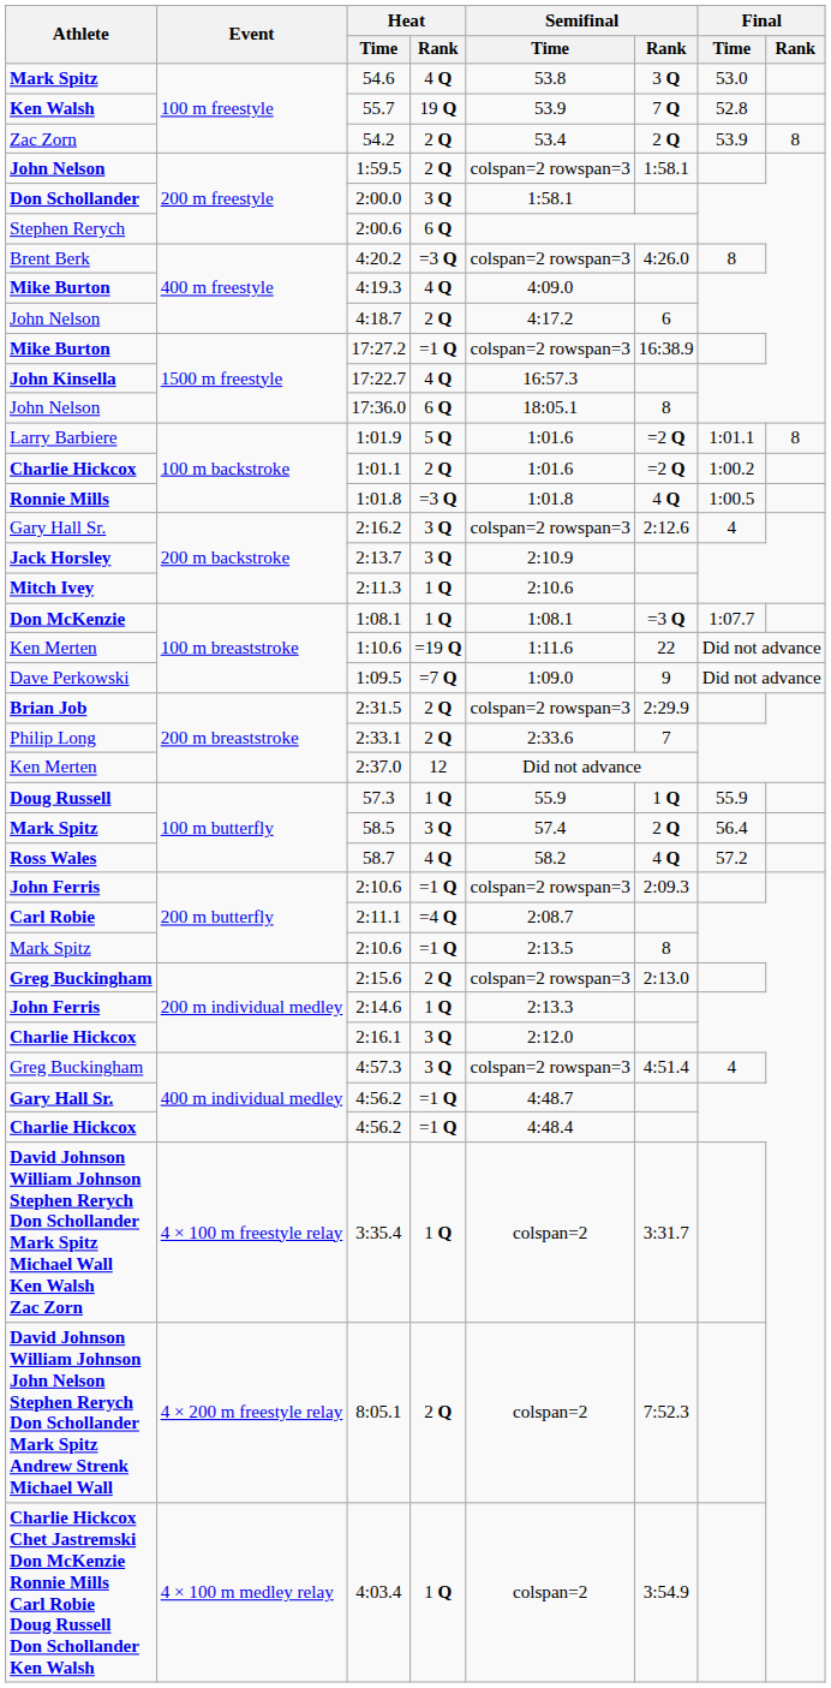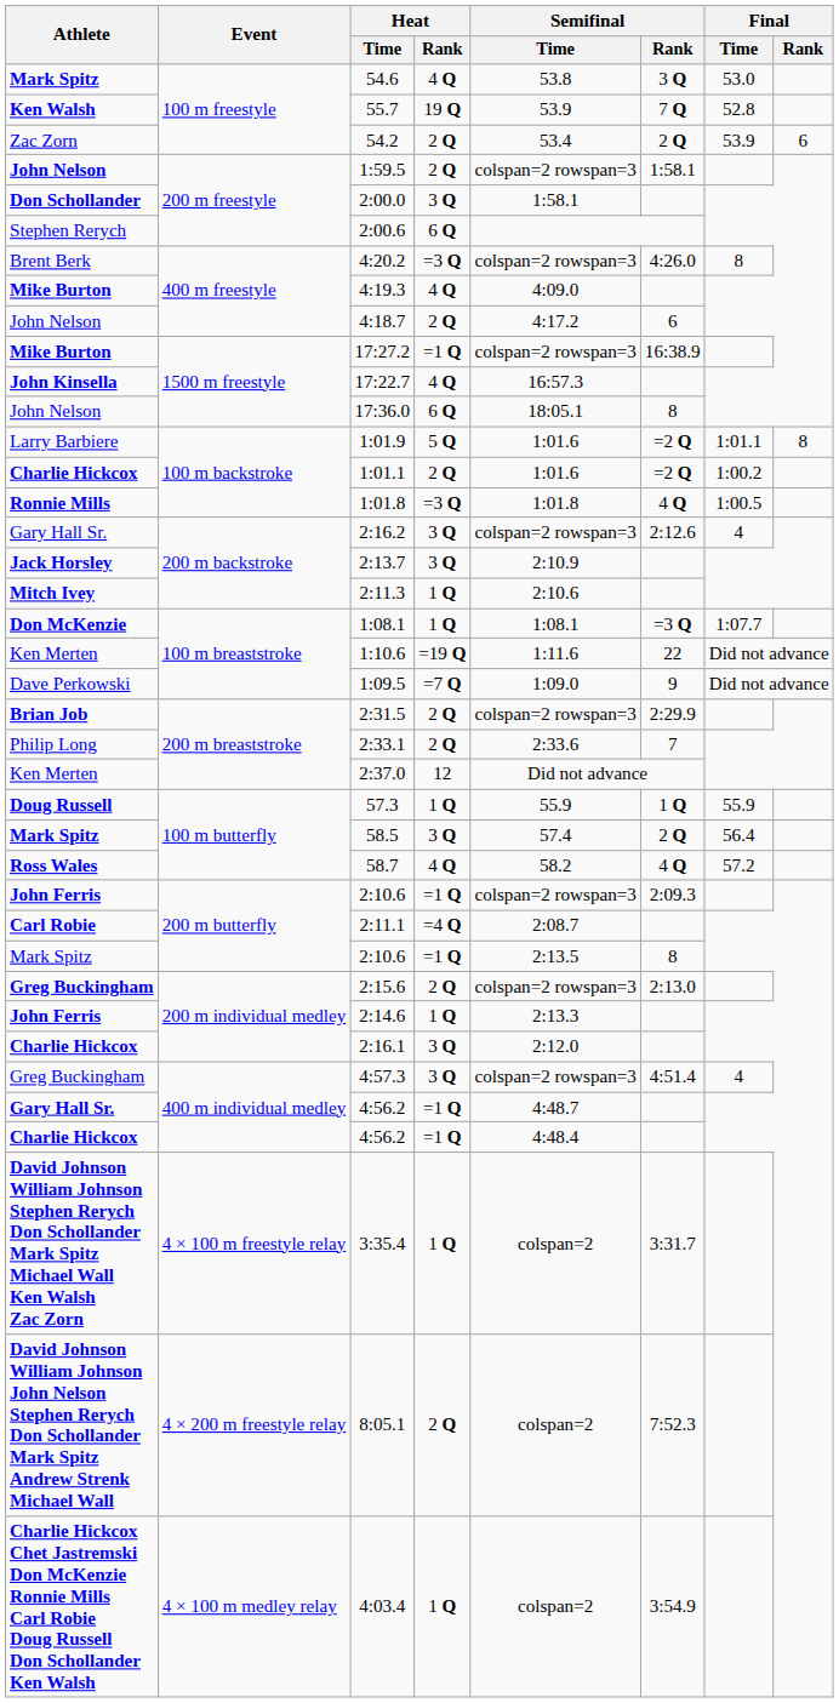 <table class=wikitable style=font-size:90%;text-align:center>
 <tr>
 <th rowspan=2>Athlete</th>
 <th rowspan=2>Event</th>
 <th colspan=2>Heat</th>
 <th colspan=2>Semifinal</th>
 <th colspan=2>Final</th>
 </tr>
 <tr style=font-size:95%>
 <th>Time</th>
 <th>Rank</th>
 <th>Time</th>
 <th>Rank</th>
 <th>Time</th>
 <th>Rank</th>
 </tr>
 <tr>
 <td align=left><strong><a href='#'>Mark Spitz</a></strong></td>
 <td align=left rowspan=3><a href='#'>100 m freestyle</a></td>
 <td>54.6</td>
 <td>4 <strong>Q</strong></td>
 <td>53.8</td>
 <td>3 <strong>Q</strong></td>
 <td>53.0</td>
 <td></td>
 </tr>
 <tr>
 <td align=left><strong><a href='#'>Ken Walsh</a></strong></td>
 <td>55.7</td>
 <td>19 <strong>Q</strong></td>
 <td>53.9</td>
 <td>7 <strong>Q</strong></td>
 <td>52.8</td>
 <td></td>
 </tr>
 <tr>
 <td align=left><a href='#'>Zac Zorn</a></td>
 <td>54.2</td>
 <td>2 <strong>Q</strong></td>
 <td>53.4</td>
 <td>2 <strong>Q</strong></td>
 <td>53.9</td>
-<td>8</td>
+<td>6</td>
 </tr>
 <tr>
 <td align=left><strong><a href='#'>John Nelson</a></strong></td>
 <td align=left rowspan=3><a href='#'>200 m freestyle</a></td>
 <td>1:59.5 </td>
 <td>2 <strong>Q</strong></td>
 <td>colspan=2 rowspan=3 </td>
 <td>1:58.1</td>
 <td></td>
 </tr>
 <tr>
 <td align=left><strong><a href='#'>Don Schollander</a></strong></td>
 <td>2:00.0</td>
 <td>3 <strong>Q</strong></td>
 <td>1:58.1</td>
 <td></td>
 </tr>
 <tr>
 <td align=left><a href='#'>Stephen Rerych</a></td>
 <td>2:00.6</td>
 <td>6 <strong>Q</strong></td>
 <td colspan=2></td>
 </tr>
 <tr>
 <td align=left><a href='#'>Brent Berk</a></td>
 <td align=left rowspan=3><a href='#'>400 m freestyle</a></td>
 <td>4:20.2</td>
 <td>=3 <strong>Q</strong></td>
 <td>colspan=2 rowspan=3 </td>
 <td>4:26.0</td>
 <td>8</td>
 </tr>
 <tr>
 <td align=left><strong><a href='#'>Mike Burton</a></strong></td>
 <td>4:19.3</td>
 <td>4 <strong>Q</strong></td>
 <td>4:09.0 </td>
 <td></td>
 </tr>
 <tr>
 <td align=left><a href='#'>John Nelson</a></td>
 <td>4:18.7</td>
 <td>2 <strong>Q</strong></td>
 <td>4:17.2</td>
 <td>6</td>
 </tr>
 <tr>
 <td align=left><strong><a href='#'>Mike Burton</a></strong></td>
 <td align=left rowspan=3><a href='#'>1500 m freestyle</a></td>
 <td>17:27.2</td>
 <td>=1 <strong>Q</strong></td>
 <td>colspan=2 rowspan=3 </td>
 <td>16:38.9 </td>
 <td></td>
 </tr>
 <tr>
 <td align=left><strong><a href='#'>John Kinsella</a></strong></td>
 <td>17:22.7</td>
 <td>4 <strong>Q</strong></td>
 <td>16:57.3</td>
 <td></td>
 </tr>
 <tr>
 <td align=left><a href='#'>John Nelson</a></td>
 <td>17:36.0</td>
 <td>6 <strong>Q</strong></td>
 <td>18:05.1</td>
 <td>8</td>
 </tr>
 <tr>
 <td align=left><a href='#'>Larry Barbiere</a></td>
 <td align=left rowspan=3><a href='#'>100 m backstroke</a></td>
 <td>1:01.9</td>
 <td>5 <strong>Q</strong></td>
 <td>1:01.6</td>
 <td>=2 <strong>Q</strong></td>
 <td>1:01.1</td>
 <td>8</td>
 </tr>
 <tr>
 <td align=left><strong><a href='#'>Charlie Hickcox</a></strong></td>
 <td>1:01.1</td>
 <td>2 <strong>Q</strong></td>
 <td>1:01.6</td>
 <td>=2 <strong>Q</strong></td>
 <td>1:00.2</td>
 <td></td>
 </tr>
 <tr>
 <td align=left><strong><a href='#'>Ronnie Mills</a></strong></td>
 <td>1:01.8</td>
 <td>=3 <strong>Q</strong></td>
 <td>1:01.8</td>
 <td>4 <strong>Q</strong></td>
 <td>1:00.5</td>
 <td></td>
 </tr>
 <tr>
 <td align=left><a href='#'>Gary Hall Sr.</a></td>
 <td align=left rowspan=3><a href='#'>200 m backstroke</a></td>
 <td>2:16.2</td>
 <td>3 <strong>Q</strong></td>
 <td>colspan=2 rowspan=3 </td>
 <td>2:12.6</td>
 <td>4</td>
 </tr>
 <tr>
 <td align=left><strong><a href='#'>Jack Horsley</a></strong></td>
 <td>2:13.7</td>
 <td>3 <strong>Q</strong></td>
 <td>2:10.9</td>
 <td></td>
 </tr>
 <tr>
 <td align=left><strong><a href='#'>Mitch Ivey</a></strong></td>
 <td>2:11.3</td>
 <td>1 <strong>Q</strong></td>
 <td>2:10.6</td>
 <td></td>
 </tr>
 <tr>
 <td align=left><strong><a href='#'>Don McKenzie</a></strong></td>
 <td align=left rowspan=3><a href='#'>100 m breaststroke</a></td>
 <td>1:08.1</td>
 <td>1 <strong>Q</strong></td>
 <td>1:08.1</td>
 <td>=3 <strong>Q</strong></td>
 <td>1:07.7 </td>
 <td></td>
 </tr>
 <tr>
 <td align=left><a href='#'>Ken Merten</a></td>
 <td>1:10.6</td>
 <td>=19 <strong>Q</strong></td>
 <td>1:11.6</td>
 <td>22</td>
 <td colspan=2>Did not advance</td>
 </tr>
 <tr>
 <td align=left><a href='#'>Dave Perkowski</a></td>
 <td>1:09.5</td>
 <td>=7 <strong>Q</strong></td>
 <td>1:09.0</td>
 <td>9</td>
 <td colspan=2>Did not advance</td>
 </tr>
 <tr>
 <td align=left><strong><a href='#'>Brian Job</a></strong></td>
 <td align=left rowspan=3><a href='#'>200 m breaststroke</a></td>
 <td>2:31.5</td>
 <td>2 <strong>Q</strong></td>
 <td>colspan=2 rowspan=3 </td>
 <td>2:29.9</td>
 <td></td>
 </tr>
 <tr>
 <td align=left><a href='#'>Philip Long</a></td>
 <td>2:33.1</td>
 <td>2 <strong>Q</strong></td>
 <td>2:33.6</td>
 <td>7</td>
 </tr>
 <tr>
 <td align=left><a href='#'>Ken Merten</a></td>
 <td>2:37.0</td>
 <td>12</td>
 <td colspan=2>Did not advance</td>
 </tr>
 <tr>
 <td align=left><strong><a href='#'>Doug Russell</a></strong></td>
 <td align=left rowspan=3><a href='#'>100 m butterfly</a></td>
 <td>57.3 </td>
 <td>1 <strong>Q</strong></td>
 <td>55.9 </td>
 <td>1 <strong>Q</strong></td>
 <td>55.9</td>
 <td></td>
 </tr>
 <tr>
 <td align=left><strong><a href='#'>Mark Spitz</a></strong></td>
 <td>58.5</td>
 <td>3 <strong>Q</strong></td>
 <td>57.4</td>
 <td>2 <strong>Q</strong></td>
 <td>56.4</td>
 <td></td>
 </tr>
 <tr>
 <td align=left><strong><a href='#'>Ross Wales</a></strong></td>
 <td>58.7</td>
 <td>4 <strong>Q</strong></td>
 <td>58.2</td>
 <td>4 <strong>Q</strong></td>
 <td>57.2</td>
 <td></td>
 </tr>
 <tr>
 <td align=left><strong><a href='#'>John Ferris</a></strong></td>
 <td align=left rowspan=3><a href='#'>200 m butterfly</a></td>
 <td>2:10.6</td>
 <td>=1 <strong>Q</strong></td>
 <td>colspan=2 rowspan=3 </td>
 <td>2:09.3</td>
 <td></td>
 </tr>
 <tr>
 <td align=left><strong><a href='#'>Carl Robie</a></strong></td>
 <td>2:11.1</td>
 <td>=4 <strong>Q</strong></td>
 <td>2:08.7</td>
 <td></td>
 </tr>
 <tr>
 <td align=left><a href='#'>Mark Spitz</a></td>
 <td>2:10.6</td>
 <td>=1 <strong>Q</strong></td>
 <td>2:13.5</td>
 <td>8</td>
 </tr>
 <tr>
 <td align=left><strong><a href='#'>Greg Buckingham</a></strong></td>
 <td align=left rowspan=3><a href='#'>200 m individual medley</a></td>
 <td>2:15.6</td>
 <td>2 <strong>Q</strong></td>
 <td>colspan=2 rowspan=3 </td>
 <td>2:13.0</td>
 <td></td>
 </tr>
 <tr>
 <td align=left><strong><a href='#'>John Ferris</a></strong></td>
 <td>2:14.6 </td>
 <td>1 <strong>Q</strong></td>
 <td>2:13.3</td>
 <td></td>
 </tr>
 <tr>
 <td align=left><strong><a href='#'>Charlie Hickcox</a></strong></td>
 <td>2:16.1 </td>
 <td>3 <strong>Q</strong></td>
 <td>2:12.0 </td>
 <td></td>
 </tr>
 <tr>
 <td align=left><a href='#'>Greg Buckingham</a></td>
 <td align=left rowspan=3><a href='#'>400 m individual medley</a></td>
 <td>4:57.3</td>
 <td>3 <strong>Q</strong></td>
 <td>colspan=2 rowspan=3 </td>
 <td>4:51.4</td>
 <td>4</td>
 </tr>
 <tr>
 <td align=left><strong><a href='#'>Gary Hall Sr.</a></strong></td>
 <td>4:56.2</td>
 <td>=1 <strong>Q</strong></td>
 <td>4:48.7</td>
 <td></td>
 </tr>
 <tr>
 <td align=left><strong><a href='#'>Charlie Hickcox</a></strong></td>
 <td>4:56.2</td>
 <td>=1 <strong>Q</strong></td>
 <td>4:48.4</td>
 <td></td>
 </tr>
 <tr>
 <td align=left><strong><a href='#'>David Johnson</a><br><a href='#'>William Johnson</a><br><a href='#'>Stephen Rerych</a><br><a href='#'>Don Schollander</a><br><a href='#'>Mark Spitz</a><br><a href='#'>Michael Wall</a><br><a href='#'>Ken Walsh</a><br><a href='#'>Zac Zorn</a></strong></td>
 <td align=left><a href='#'>4 × 100 m freestyle relay</a></td>
 <td>3:35.4</td>
 <td>1 <strong>Q</strong></td>
 <td>colspan=2 </td>
 <td>3:31.7 </td>
 <td></td>
 </tr>
 <tr>
 <td align=left><strong><a href='#'>David Johnson</a><br><a href='#'>William Johnson</a><br><a href='#'>John Nelson</a><br><a href='#'>Stephen Rerych</a><br><a href='#'>Don Schollander</a><br><a href='#'>Mark Spitz</a><br><a href='#'>Andrew Strenk</a><br><a href='#'>Michael Wall</a></strong></td>
 <td align=left><a href='#'>4 × 200 m freestyle relay</a></td>
 <td>8:05.1</td>
 <td>2 <strong>Q</strong></td>
 <td>colspan=2 </td>
 <td>7:52.3</td>
 <td></td>
 </tr>
 <tr>
 <td align=left><strong><a href='#'>Charlie Hickcox</a><br><a href='#'>Chet Jastremski</a><br><a href='#'>Don McKenzie</a><br><a href='#'>Ronnie Mills</a><br><a href='#'>Carl Robie</a><br><a href='#'>Doug Russell</a><br><a href='#'>Don Schollander</a><br><a href='#'>Ken Walsh</a></strong></td>
 <td align=left><a href='#'>4 × 100 m medley relay</a></td>
 <td>4:03.4</td>
 <td>1 <strong>Q</strong></td>
 <td>colspan=2 </td>
 <td>3:54.9 </td>
 <td></td>
 </tr>
 </table>
